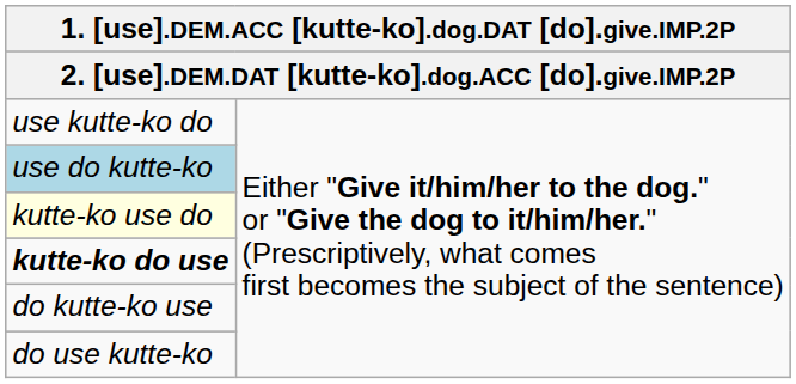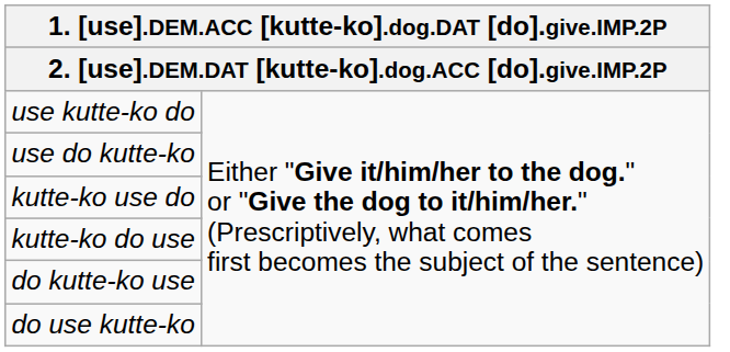 <table class="wikitable">
 <tr>
 <th colspan="2">1. [use]<small>.DEM.ACC</small> [kutte-ko]<small>.dog.DAT</small> [do].<small>give.IMP.2P</small></th>
 </tr>
 <tr>
 <th colspan="2">2. [use]<small>.DEM.DAT</small> [kutte-ko]<small>.dog.ACC</small> [do].<small>give.IMP.2P</small></th>
 </tr>
 <tr>
 <td><em>use kutte-ko do</em></td>
 <td rowspan="6">Either "<strong>Give it/him/her to the dog.</strong>"<br>or "<strong>Give the dog to it/him/her.</strong>"<br>(Prescriptively, what comes<br>first becomes the subject of the sentence)</td>
 </tr>
 <tr>
-<td style="background: lightblue;"><em>use do kutte-ko</em></td>
+<td><em>use do kutte-ko</em></td>
 </tr>
 <tr>
-<td style="background: lightyellow;"><em>kutte-ko use do</em></td>
+<td><em>kutte-ko use do</em></td>
 </tr>
 <tr>
-<td><strong><em>kutte-ko do use</em></strong></td>
+<td><em>kutte-ko do use</em></td>
 </tr>
 <tr>
 <td><em>do kutte-ko use</em></td>
 </tr>
 <tr>
 <td><em>do use kutte-ko</em></td>
 </tr>
 </table>
